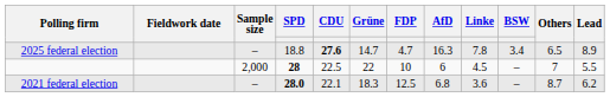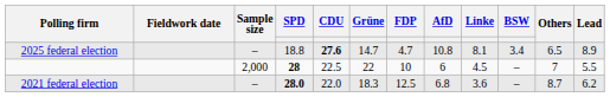 <table class="wikitable sortable mw-datatable mw-collapsible" style="text-align:center;font-size:90%;line-height:14px;">
 <tr style="height:40px;">
 <th style="width:155px;" rowspan="2">Polling firm</th>
 <th style="width:120px;" rowspan="2">Fieldwork date</th>
 <th style="width: 35px;" rowspan="2">Sample<br>size</th>
 <th class="unsortable" style="width:40px;"><a href='#'>SPD</a></th>
 <th class="unsortable" style="width:40px;"><a href='#'>CDU</a></th>
 <th class="unsortable" style="width:40px;"><a href='#'>Grüne</a></th>
 <th class="unsortable" style="width:40px;"><a href='#'>FDP</a></th>
 <th class="unsortable" style="width:40px;"><a href='#'>AfD</a></th>
 <th class="unsortable" style="width:40px;"><a href='#'>Linke</a></th>
 <th class="unsortable" style="width:40px;"><a href='#'>BSW</a></th>
 <th class="unsortable" style="width:30px;" rowspan="2">Others</th>
 <th style="width:30px;" rowspan="2">Lead</th>
 </tr>
 <tr>
 <th style="background:"></th>
 <th style="background:"></th>
 <th style="background:"></th>
 <th style="background:"></th>
 <th style="background:"></th>
 <th style="background:"></th>
 <th style="background:"></th>
 </tr>
 <tr style="background:#E9E9E9;">
 <td><a href='#'>2025 federal election</a></td>
 <td></td>
 <td>–</td>
 <td>18.8</td>
 <td><strong>27.6</strong></td>
 <td>14.7</td>
 <td>4.7</td>
-<td>16.3</td>
-<td>7.8</td>
+<td>10.8</td>
+<td>8.1</td>
 <td>3.4</td>
 <td>6.5</td>
 <td style="background:">8.9</td>
 </tr>
 <tr>
 <td></td>
 <td></td>
 <td>2,000</td>
 <td><strong>28</strong></td>
 <td>22.5</td>
 <td>22</td>
 <td>10</td>
 <td>6</td>
 <td>4.5</td>
 <td>–</td>
 <td>7</td>
 <td style="background:">5.5</td>
 </tr>
 <tr style="background:#E9E9E9;">
 <td><a href='#'>2021 federal election</a></td>
 <td></td>
 <td>–</td>
 <td><strong>28.0</strong></td>
-<td>22.1</td>
+<td>22.0</td>
 <td>18.3</td>
 <td>12.5</td>
 <td>6.8</td>
 <td>3.6</td>
 <td>–</td>
 <td>8.7</td>
 <td style="background:">6.2</td>
 </tr>
 </table>
